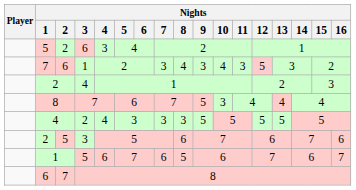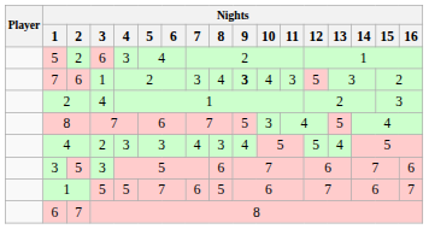 <table class="wikitable sortable">
 <tr style="font-size:10pt;font-weight:bold">
 <th rowspan=2>Player</th>
 <th colspan=16>Nights</th>
 </tr>
 <tr>
 <th style="width:20px;">1</th>
 <th style="width:20px;">2</th>
 <th style="width:20px;">3</th>
 <th style="width:20px;">4</th>
 <th style="width:20px;">5</th>
 <th style="width:20px;">6</th>
 <th style="width:20px;">7</th>
 <th style="width:20px;">8</th>
 <th style="width:20px;">9</th>
 <th style="width:20px;">10</th>
 <th style="width:20px;">11</th>
 <th style="width:20px;">12</th>
 <th style="width:20px;">13</th>
 <th style="width:20px;">14</th>
 <th style="width:20px;">15</th>
 <th style="width:20px;">16</th>
 </tr>
 <tr>
 <td></td>
 <td style="text-align:center; background:#ffcccc;">5</td>
 <td style="text-align:center; background:#cfc;">2</td>
 <td style="text-align:center; background:#ffcccc;">6</td>
 <td style="text-align:center; background:#cfc;">3</td>
 <td Colspan=2 style="text-align:center; background:#cfc;">4</td>
 <td Colspan=5 style="text-align:center; background:#cfc;">2</td>
 <td Colspan=5 style="text-align:center; background:#cfc;">1</td>
 </tr>
 <tr>
 <td></td>
 <td style="text-align:center; background:#ffcccc;">7</td>
 <td style="text-align:center; background:#ffcccc;">6</td>
 <td style="text-align:center; background:#cfc;">1</td>
 <td Colspan=3 style="text-align:center; background:#cfc;">2</td>
 <td style="text-align:center; background:#cfc;">3</td>
 <td style="text-align:center; background:#cfc;">4</td>
-<td style="text-align:center; background:#cfc;">3</td>
+<td style="text-align:center; background:#cfc;"><strong>3</strong></td>
 <td style="text-align:center; background:#cfc;">4</td>
 <td style="text-align:center; background:#cfc;">3</td>
 <td style="text-align:center; background:#ffcccc;">5</td>
 <td Colspan=2 style="text-align:center; background:#cfc;">3</td>
 <td Colspan=2 style="text-align:center; background:#cfc;">2</td>
 </tr>
 <tr>
 <td></td>
 <td Colspan=2 style="text-align:center; background:#cfc;">2</td>
 <td style="text-align:center; background:#cfc;">4</td>
 <td Colspan=8 style="text-align:center; background:#cfc;">1</td>
 <td Colspan=3 style="text-align:center; background:#cfc;">2</td>
 <td Colspan=2 style="text-align:center; background:#cfc;">3</td>
 </tr>
 <tr>
 <td></td>
 <td Colspan=2 style="text-align:center; background:#ffcccc;">8</td>
 <td Colspan=2 style="text-align:center; background:#ffcccc;">7</td>
 <td Colspan=2 style="text-align:center; background:#ffcccc;">6</td>
 <td Colspan=2 style="text-align:center; background:#ffcccc;">7</td>
 <td style="text-align:center; background:#ffcccc;">5</td>
 <td style="text-align:center; background:#cfc;">3</td>
 <td Colspan=2 style="text-align:center; background:#cfc;">4</td>
-<td style="text-align:center; background:#ffcccc;">4</td>
+<td style="text-align:center; background:#ffcccc;">5</td>
 <td Colspan=3 style="text-align:center; background:#cfc;">4</td>
 </tr>
 <tr>
 <td></td>
 <td Colspan=2 style="text-align:center; background:#cfc;">4</td>
 <td style="text-align:center; background:#cfc;">2</td>
+<td style="text-align:center; background:#cfc;">3</td>
+<td Colspan=2 style="text-align:center; background:#cfc;">3</td>
 <td style="text-align:center; background:#cfc;">4</td>
-<td Colspan=2 style="text-align:center; background:#cfc;">3</td>
 <td style="text-align:center; background:#cfc;">3</td>
-<td style="text-align:center; background:#cfc;">3</td>
-<td style="text-align:center; background:#cfc;">5</td>
+<td style="text-align:center; background:#cfc;">4</td>
 <td Colspan=2 style="text-align:center; background:#ffcccc;">5</td>
 <td style="text-align:center; background:#cfc;">5</td>
-<td style="text-align:center; background:#cfc;">5</td>
+<td style="text-align:center; background:#cfc;">4</td>
 <td Colspan=3 style="text-align:center; background:#ffcccc;">5</td>
 </tr>
 <tr>
 <td></td>
-<td style="text-align:center; background:#cfc;">2</td>
+<td style="text-align:center; background:#cfc;">3</td>
 <td style="text-align:center; background:#ffcccc;">5</td>
 <td style="text-align:center; background:#cfc;">3</td>
 <td Colspan=4 style="text-align:center; background:#ffcccc;">5</td>
 <td style="text-align:center; background:#ffcccc;">6</td>
 <td Colspan=3 style="text-align:center; background:#ffcccc;">7</td>
 <td Colspan=2 style="text-align:center; background:#ffcccc;">6</td>
 <td Colspan=2 style="text-align:center; background:#ffcccc;">7</td>
 <td style="text-align:center; background:#ffcccc;">6</td>
 </tr>
 <tr>
 <td></td>
 <td Colspan=2 style="text-align:center; background:#cfc;">1</td>
 <td style="text-align:center; background:#ffcccc;">5</td>
-<td style="text-align:center; background:#ffcccc;">6</td>
+<td style="text-align:center; background:#ffcccc;">5</td>
 <td Colspan=2 style="text-align:center; background:#ffcccc;">7</td>
 <td style="text-align:center; background:#ffcccc;">6</td>
 <td style="text-align:center; background:#ffcccc;">5</td>
 <td Colspan=3 style="text-align:center; background:#ffcccc;">6</td>
 <td Colspan=2 style="text-align:center; background:#ffcccc;">7</td>
 <td Colspan=2 style="text-align:center; background:#ffcccc;">6</td>
 <td style="text-align:center; background:#ffcccc;">7</td>
 </tr>
 <tr>
 <td></td>
 <td style="text-align:center; background:#ffcccc;">6</td>
 <td style="text-align:center; background:#ffcccc">7</td>
 <td Colspan=14 style="text-align:center; background:#ffcccc;">8</td>
 </tr>
 </table>
